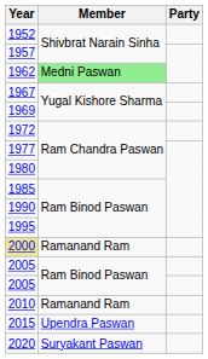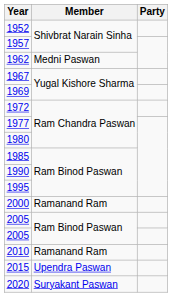 <table class="wikitable sortable">
 <tr>
 <th>Year</th>
 <th>Member</th>
 <th colspan="2">Party</th>
 </tr>
 <tr>
 <td><a href='#'>1952</a></td>
 <td rowspan="2">Shivbrat Narain Sinha</td>
 <td></td>
 </tr>
 <tr>
 <td><a href='#'>1957</a></td>
 </tr>
 <tr>
 <td><a href='#'>1962</a></td>
-<td style="background: lightgreen;">Medni Paswan</td>
+<td>Medni Paswan</td>
 </tr>
 <tr>
 <td><a href='#'>1967</a></td>
 <td rowspan="2">Yugal Kishore Sharma</td>
 <td></td>
 </tr>
 <tr>
 <td><a href='#'>1969</a></td>
 </tr>
 <tr>
 <td><a href='#'>1972</a></td>
 <td rowspan="3">Ram Chandra Paswan</td>
 <td></td>
 </tr>
 <tr>
 <td><a href='#'>1977</a></td>
 </tr>
 <tr>
 <td><a href='#'>1980</a></td>
 </tr>
 <tr>
 <td><a href='#'>1985</a></td>
 <td rowspan="3">Ram Binod Paswan</td>
 </tr>
 <tr>
 <td><a href='#'>1990</a></td>
 </tr>
 <tr>
 <td><a href='#'>1995</a></td>
 </tr>
 <tr>
-<td style="background: khaki;"><a href='#'>2000</a></td>
+<td><a href='#'>2000</a></td>
 <td>Ramanand Ram</td>
 <td></td>
 </tr>
 <tr>
 <td><a href='#'>2005</a></td>
 <td rowspan="2">Ram Binod Paswan</td>
 <td></td>
 </tr>
 <tr>
 <td><a href='#'>2005</a></td>
 </tr>
 <tr>
 <td><a href='#'>2010</a></td>
 <td>Ramanand Ram</td>
 <td></td>
 </tr>
 <tr>
 <td><a href='#'>2015</a></td>
 <td><a href='#'>Upendra Paswan</a></td>
 <td></td>
 </tr>
 <tr>
 <td><a href='#'>2020</a></td>
 <td><a href='#'>Suryakant Paswan</a></td>
 <td></td>
 </tr>
 </table>
